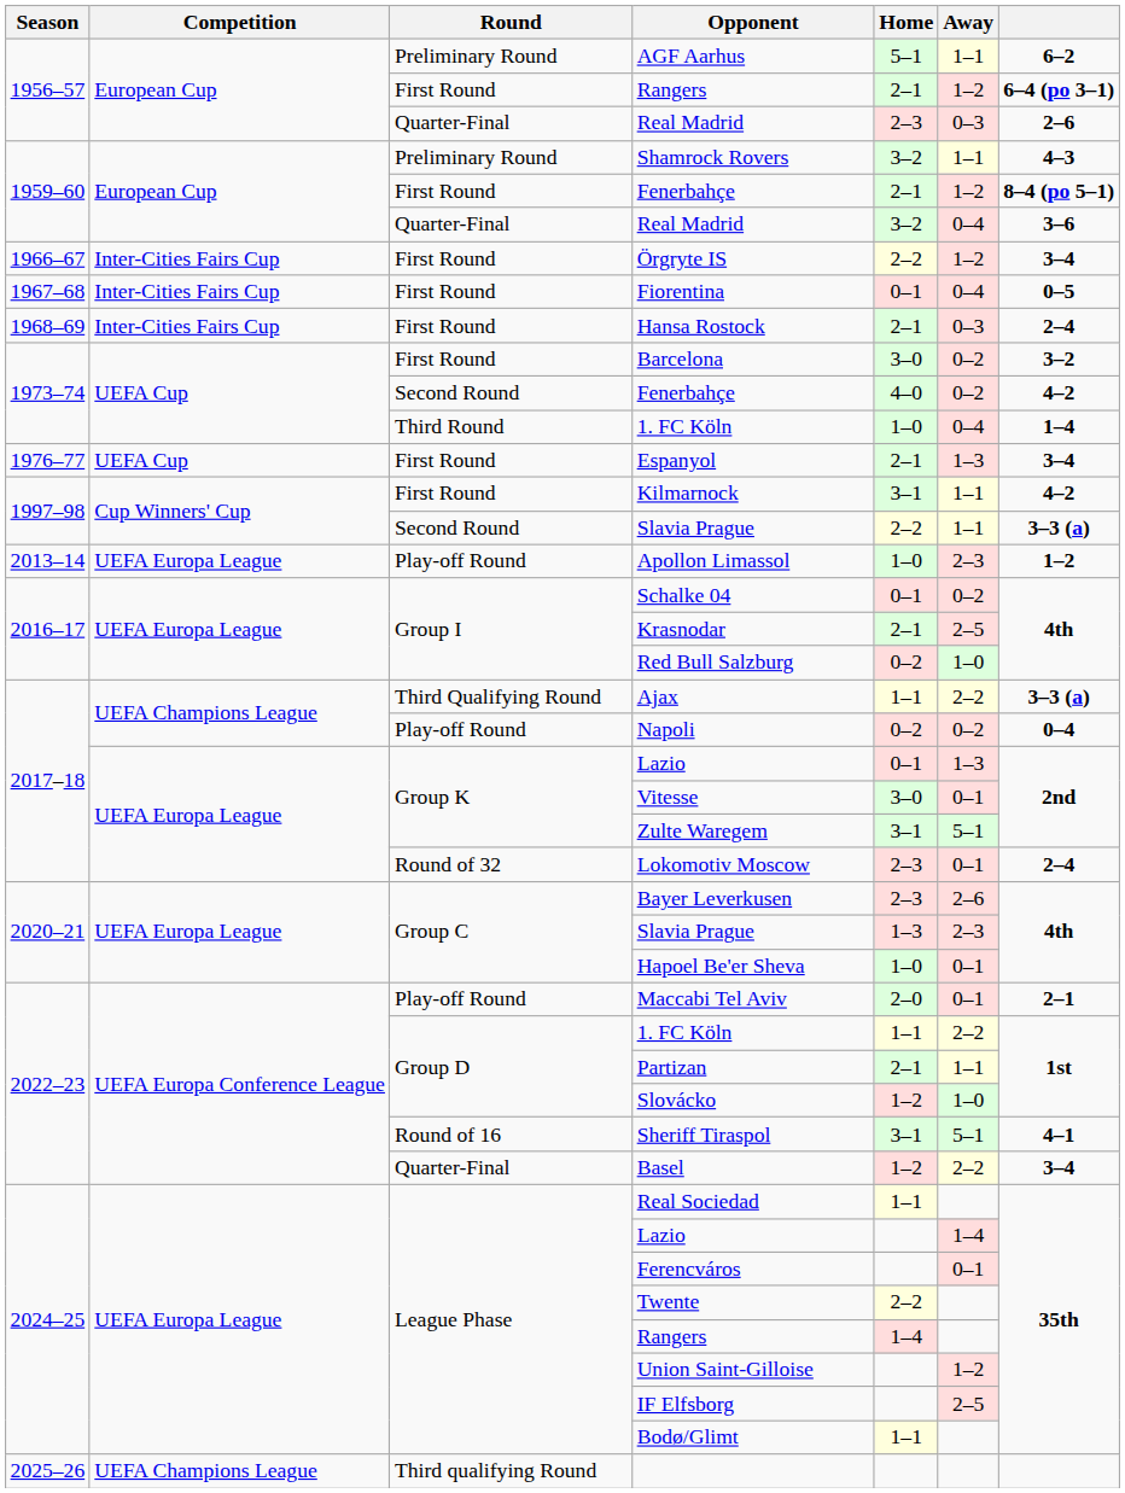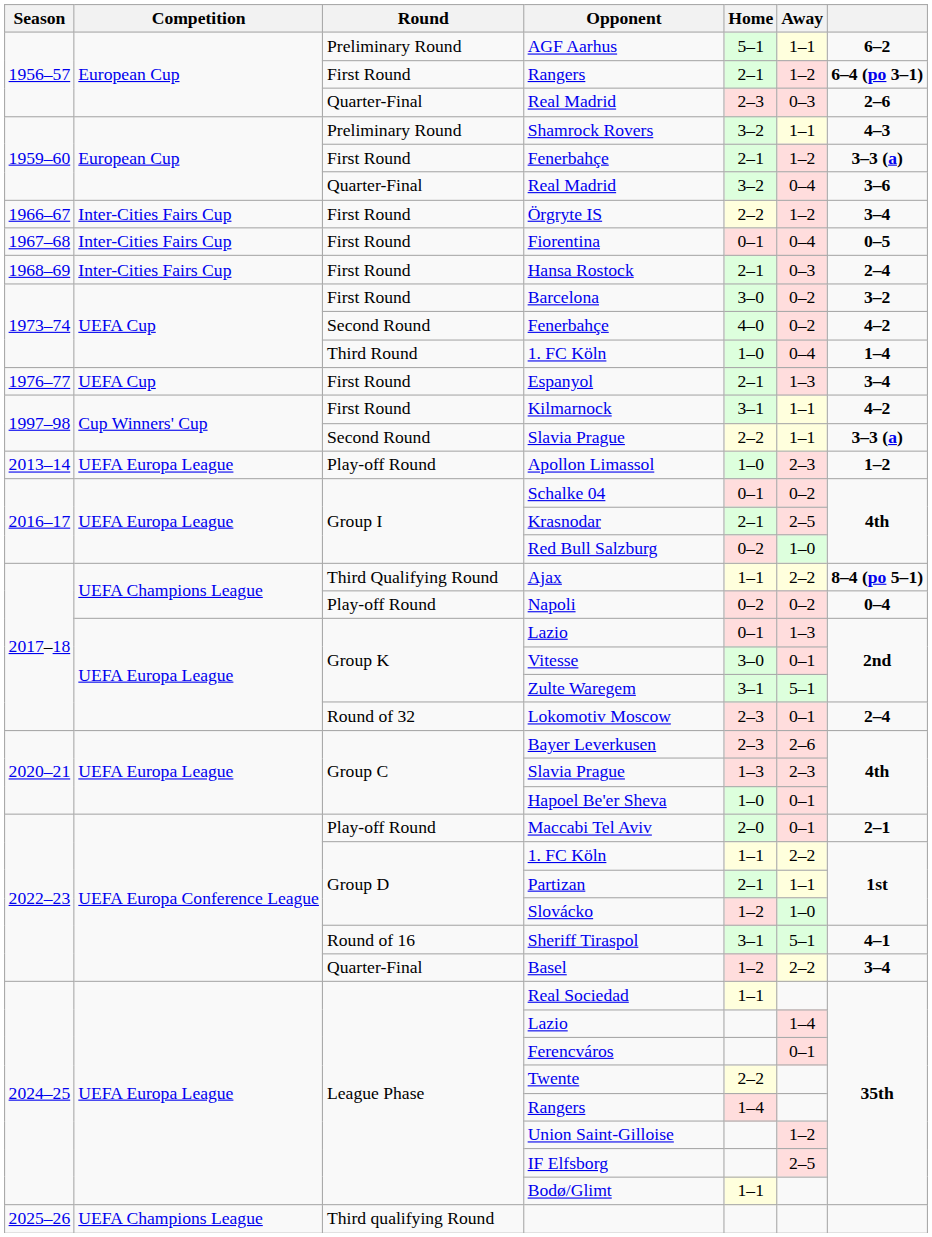 <table class="wikitable">
 <tr>
 <th>Season</th>
 <th>Competition</th>
 <th width=175>Round</th>
 <th width=175>Opponent</th>
 <th>Home</th>
 <th>Away</th>
 <th></th>
 </tr>
 <tr>
 <td rowspan="3"><a href='#'>1956–57</a></td>
 <td rowspan="3"><a href='#'>European Cup</a></td>
 <td>Preliminary Round</td>
 <td> <a href='#'>AGF Aarhus</a></td>
 <td style="text-align:center; background:#dfd;">5–1</td>
 <td style="text-align:center; background:#ffd;">1–1</td>
 <td style="text-align:center;"><strong>6–2</strong></td>
 </tr>
 <tr>
 <td>First Round</td>
 <td> <a href='#'>Rangers</a></td>
 <td style="text-align:center; background:#dfd;">2–1</td>
 <td style="text-align:center; background:#fdd;">1–2</td>
 <td style="text-align:center;"><strong>6–4 (<a href='#'>po</a> 3–1)</strong></td>
 </tr>
 <tr>
 <td>Quarter-Final</td>
 <td> <a href='#'>Real Madrid</a></td>
 <td style="text-align:center; background:#fdd;">2–3</td>
 <td style="text-align:center; background:#fdd;">0–3</td>
 <td style="text-align:center;"><strong>2–6</strong></td>
 </tr>
 <tr>
 <td rowspan="3"><a href='#'>1959–60</a></td>
 <td rowspan="3"><a href='#'>European Cup</a></td>
 <td>Preliminary Round</td>
 <td> <a href='#'>Shamrock Rovers</a></td>
 <td style="text-align:center; background:#dfd;">3–2</td>
 <td style="text-align:center; background:#ffd;">1–1</td>
 <td style="text-align:center;"><strong>4–3</strong></td>
 </tr>
 <tr>
 <td>First Round</td>
 <td> <a href='#'>Fenerbahçe</a></td>
 <td style="text-align:center; background:#dfd;">2–1</td>
 <td style="text-align:center; background:#fdd;">1–2</td>
-<td style="text-align:center;"><strong>8–4 (<a href='#'>po</a> 5–1)</strong></td>
+<td style="text-align:center;"><strong>3–3 (<a href='#'>a</a>)</strong></td>
 </tr>
 <tr>
 <td>Quarter-Final</td>
 <td> <a href='#'>Real Madrid</a></td>
 <td style="text-align:center; background:#dfd;">3–2</td>
 <td style="text-align:center; background:#fdd;">0–4</td>
 <td style="text-align:center;"><strong>3–6</strong></td>
 </tr>
 <tr>
 <td><a href='#'>1966–67</a></td>
 <td><a href='#'>Inter-Cities Fairs Cup</a></td>
 <td>First Round</td>
 <td> <a href='#'>Örgryte IS</a></td>
 <td style="text-align:center; background:#ffd;">2–2</td>
 <td style="text-align:center; background:#fdd;">1–2</td>
 <td style="text-align:center;"><strong>3–4</strong></td>
 </tr>
 <tr>
 <td><a href='#'>1967–68</a></td>
 <td><a href='#'>Inter-Cities Fairs Cup</a></td>
 <td>First Round</td>
 <td> <a href='#'>Fiorentina</a></td>
 <td style="text-align:center; background:#fdd;">0–1</td>
 <td style="text-align:center; background:#fdd;">0–4</td>
 <td style="text-align:center;"><strong>0–5</strong></td>
 </tr>
 <tr>
 <td><a href='#'>1968–69</a></td>
 <td><a href='#'>Inter-Cities Fairs Cup</a></td>
 <td>First Round</td>
 <td> <a href='#'>Hansa Rostock</a></td>
 <td style="text-align:center; background:#dfd;">2–1</td>
 <td style="text-align:center; background:#fdd;">0–3</td>
 <td style="text-align:center;"><strong>2–4</strong></td>
 </tr>
 <tr>
 <td rowspan="3"><a href='#'>1973–74</a></td>
 <td rowspan="3"><a href='#'>UEFA Cup</a></td>
 <td>First Round</td>
 <td> <a href='#'>Barcelona</a></td>
 <td style="text-align:center; background:#dfd;">3–0</td>
 <td style="text-align:center; background:#fdd;">0–2</td>
 <td style="text-align:center;"><strong>3–2</strong></td>
 </tr>
 <tr>
 <td>Second Round</td>
 <td> <a href='#'>Fenerbahçe</a></td>
 <td style="text-align:center; background:#dfd;">4–0</td>
 <td style="text-align:center; background:#fdd;">0–2</td>
 <td style="text-align:center;"><strong>4–2</strong></td>
 </tr>
 <tr>
 <td>Third Round</td>
 <td> <a href='#'>1. FC Köln</a></td>
 <td style="text-align:center; background:#dfd;">1–0</td>
 <td style="text-align:center; background:#fdd;">0–4</td>
 <td style="text-align:center;"><strong>1–4</strong></td>
 </tr>
 <tr>
 <td><a href='#'>1976–77</a></td>
 <td><a href='#'>UEFA Cup</a></td>
 <td>First Round</td>
 <td> <a href='#'>Espanyol</a></td>
 <td style="text-align:center; background:#dfd;">2–1</td>
 <td style="text-align:center; background:#fdd;">1–3</td>
 <td style="text-align:center;"><strong>3–4</strong></td>
 </tr>
 <tr>
 <td rowspan="2"><a href='#'>1997–98</a></td>
 <td rowspan="2"><a href='#'>Cup Winners' Cup</a></td>
 <td>First Round</td>
 <td> <a href='#'>Kilmarnock</a></td>
 <td style="text-align:center; background:#dfd;">3–1</td>
 <td style="text-align:center; background:#ffd;">1–1</td>
 <td style="text-align:center;"><strong>4–2</strong></td>
 </tr>
 <tr>
 <td>Second Round</td>
 <td> <a href='#'>Slavia Prague</a></td>
 <td style="text-align:center; background:#ffd;">2–2</td>
 <td style="text-align:center; background:#ffd;">1–1</td>
 <td style="text-align:center;"><strong>3–3 (<a href='#'>a</a>)</strong></td>
 </tr>
 <tr>
 <td><a href='#'>2013–14</a></td>
 <td><a href='#'>UEFA Europa League</a></td>
 <td>Play-off Round</td>
 <td> <a href='#'>Apollon Limassol</a></td>
 <td style="text-align:center; background:#dfd;">1–0</td>
 <td style="text-align:center; background:#fdd;">2–3</td>
 <td style="text-align:center;"><strong>1–2</strong></td>
 </tr>
 <tr>
 <td rowspan="3"><a href='#'>2016–17</a></td>
 <td rowspan="3"><a href='#'>UEFA Europa League</a></td>
 <td rowspan="3">Group I</td>
 <td> <a href='#'>Schalke 04</a></td>
 <td style="text-align:center; background:#fdd;">0–1</td>
 <td style="text-align:center; background:#fdd;">0–2</td>
 <td style="text-align:center;" rowspan=3><strong>4th</strong></td>
 </tr>
 <tr>
 <td> <a href='#'>Krasnodar</a></td>
 <td style="text-align:center; background:#dfd;">2–1</td>
 <td style="text-align:center; background:#fdd;">2–5</td>
 </tr>
 <tr>
 <td> <a href='#'>Red Bull Salzburg</a></td>
 <td style="text-align:center; background:#fdd;">0–2</td>
 <td style="text-align:center; background:#dfd;">1–0</td>
 </tr>
 <tr>
 <td rowspan="6"><a href='#'>2017</a>–<a href='#'>18</a></td>
 <td rowspan="2"><a href='#'>UEFA Champions League</a></td>
 <td>Third Qualifying Round</td>
 <td> <a href='#'>Ajax</a></td>
 <td style="text-align:center; background:#ffd;">1–1</td>
 <td style="text-align:center; background:#ffd;">2–2</td>
-<td style="text-align:center;"><strong>3–3 (<a href='#'>a</a>)</strong></td>
+<td style="text-align:center;"><strong>8–4 (<a href='#'>po</a> 5–1)</strong></td>
 </tr>
 <tr>
 <td>Play-off Round</td>
 <td> <a href='#'>Napoli</a></td>
 <td style="text-align:center; background:#fdd;">0–2</td>
 <td style="text-align:center; background:#fdd;">0–2</td>
 <td style="text-align:center;"><strong>0–4</strong></td>
 </tr>
 <tr>
 <td rowspan="4"><a href='#'>UEFA Europa League</a></td>
 <td rowspan="3">Group K</td>
 <td> <a href='#'>Lazio</a></td>
 <td style="text-align:center; background:#fdd;">0–1</td>
 <td style="text-align:center; background:#fdd;">1–3</td>
 <td style="text-align:center;" rowspan=3><strong>2nd</strong></td>
 </tr>
 <tr>
 <td> <a href='#'>Vitesse</a></td>
 <td style="text-align:center; background:#dfd;">3–0</td>
 <td style="text-align:center; background:#fdd;">0–1</td>
 </tr>
 <tr>
 <td> <a href='#'>Zulte Waregem</a></td>
 <td style="text-align:center; background:#dfd;">3–1</td>
 <td style="text-align:center; background:#dfd;">5–1</td>
 </tr>
 <tr>
 <td>Round of 32</td>
 <td> <a href='#'>Lokomotiv Moscow</a></td>
 <td style="text-align:center; background:#fdd;">2–3</td>
 <td style="text-align:center; background:#fdd;">0–1</td>
 <td style="text-align:center;"><strong>2–4</strong></td>
 </tr>
 <tr>
 <td rowspan="3"><a href='#'>2020–21</a></td>
 <td rowspan="3"><a href='#'>UEFA Europa League</a></td>
 <td rowspan="3">Group C</td>
 <td> <a href='#'>Bayer Leverkusen</a></td>
 <td style="text-align:center; background:#fdd;">2–3</td>
 <td style="text-align:center; background:#fdd;">2–6</td>
 <td style="text-align:center;" rowspan=3><strong>4th</strong></td>
 </tr>
 <tr>
 <td> <a href='#'>Slavia Prague</a></td>
 <td style="text-align:center; background:#fdd;">1–3</td>
 <td style="text-align:center; background:#fdd;">2–3</td>
 </tr>
 <tr>
 <td> <a href='#'>Hapoel Be'er Sheva</a></td>
 <td style="text-align:center; background:#dfd;">1–0</td>
 <td style="text-align:center; background:#fdd;">0–1</td>
 </tr>
 <tr>
 <td rowspan="6"><a href='#'>2022–23</a></td>
 <td rowspan="6"><a href='#'>UEFA Europa Conference League</a></td>
 <td>Play-off Round</td>
 <td> <a href='#'>Maccabi Tel Aviv</a></td>
 <td style="text-align:center; background:#dfd;">2–0 </td>
 <td style="text-align:center; background:#fdd;">0–1</td>
 <td style="text-align:center;"><strong>2–1</strong></td>
 </tr>
 <tr>
 <td rowspan="3">Group D</td>
 <td> <a href='#'>1. FC Köln</a></td>
 <td style="text-align:center; background:#ffd;">1–1</td>
 <td style="text-align:center; background:#ffd;">2–2</td>
 <td style="text-align:center;" rowspan=3><strong>1st</strong></td>
 </tr>
 <tr>
 <td> <a href='#'>Partizan</a></td>
 <td style="text-align:center; background:#dfd;">2–1</td>
 <td style="text-align:center; background:#ffd;">1–1</td>
 </tr>
 <tr>
 <td> <a href='#'>Slovácko</a></td>
 <td style="text-align:center; background:#fdd;">1–2</td>
 <td style="text-align:center; background:#dfd;">1–0</td>
 </tr>
 <tr>
 <td>Round of 16</td>
 <td> <a href='#'>Sheriff Tiraspol</a></td>
 <td style="text-align:center; background:#dfd;">3–1</td>
 <td style="text-align:center; background:#dfd;">5–1</td>
 <td style="text-align:center;"><strong>4–1</strong></td>
 </tr>
 <tr>
 <td>Quarter-Final</td>
 <td> <a href='#'>Basel</a></td>
 <td style="text-align:center; background:#fdd;">1–2 </td>
 <td style="text-align:center; background:#ffd;">2–2</td>
 <td style="text-align:center;"><strong>3–4</strong></td>
 </tr>
 <tr>
 <td rowspan="8"><a href='#'>2024–25</a></td>
 <td rowspan="8"><a href='#'>UEFA Europa League</a></td>
 <td rowspan="8">League Phase</td>
 <td> <a href='#'>Real Sociedad</a></td>
 <td style="text-align:center; background:#ffd;">1–1</td>
 <td></td>
 <td style="text-align:center;" rowspan=8><strong>35th</strong></td>
 </tr>
 <tr>
 <td> <a href='#'>Lazio</a></td>
 <td></td>
 <td style="text-align:center; background:#fdd;">1–4</td>
 </tr>
 <tr>
 <td> <a href='#'>Ferencváros</a></td>
 <td></td>
 <td style="text-align:center; background:#fdd;">0–1</td>
 </tr>
 <tr>
 <td> <a href='#'>Twente</a></td>
 <td style="text-align:center; background:#ffd;">2–2</td>
 <td></td>
 </tr>
 <tr>
 <td> <a href='#'>Rangers</a></td>
 <td style="text-align:center; background:#fdd;">1–4</td>
 <td></td>
 </tr>
 <tr>
 <td> <a href='#'>Union Saint-Gilloise</a></td>
 <td></td>
 <td style="text-align:center; background:#fdd;">1–2</td>
 </tr>
 <tr>
 <td> <a href='#'>IF Elfsborg</a></td>
 <td></td>
 <td style="text-align:center; background:#fdd;">2–5</td>
 </tr>
 <tr>
 <td> <a href='#'>Bodø/Glimt</a></td>
 <td style="text-align:center; background:#ffd;">1–1</td>
 <td></td>
 </tr>
 <tr>
 <td><a href='#'>2025–26</a></td>
 <td><a href='#'>UEFA Champions League</a></td>
 <td>Third qualifying Round</td>
 <td></td>
 <td style="text-align:center;"></td>
 <td style="text-align:center;"></td>
 <td style="text-align:center;"></td>
 </tr>
 </table>
